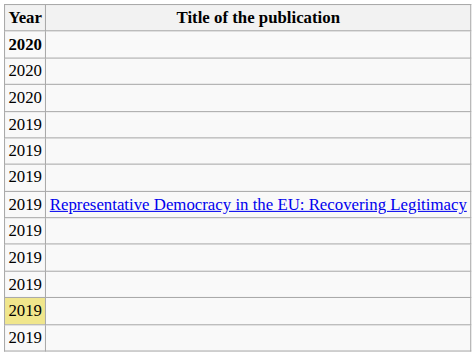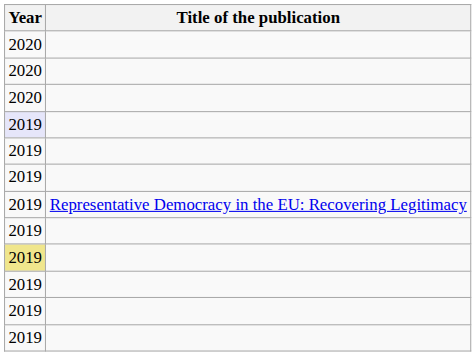 <table class="wikitable">
 <tr>
 <th>Year</th>
 <th>Title of the publication</th>
 </tr>
 <tr>
-<td><strong>2020</strong></td>
+<td>2020</td>
 <td></td>
 </tr>
 <tr>
 <td>2020</td>
 <td></td>
 </tr>
 <tr>
 <td>2020</td>
 <td></td>
 </tr>
 <tr>
-<td>2019</td>
+<td style="background: lavender;">2019</td>
 <td></td>
 </tr>
 <tr>
 <td>2019</td>
 <td></td>
 </tr>
 <tr>
 <td>2019</td>
 <td></td>
 </tr>
 <tr>
 <td>2019</td>
 <td><a href='#'>Representative Democracy in the EU: Recovering Legitimacy</a></td>
 </tr>
 <tr>
 <td>2019</td>
 <td></td>
 </tr>
 <tr>
+<td style="background: khaki;">2019</td>
+<td></td>
+</tr>
+<tr>
 <td>2019</td>
 <td></td>
 </tr>
 <tr>
 <td>2019</td>
 <td></td>
 </tr>
 <tr>
-<td style="background: khaki;">2019</td>
-<td></td>
-</tr>
-<tr>
 <td>2019</td>
 <td></td>
 </tr>
 </table>
